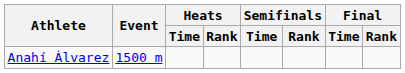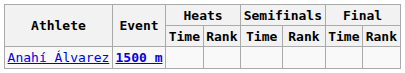 <table class="wikitable">
 <tr>
 <th rowspan="2">Athlete</th>
 <th rowspan="2">Event</th>
 <th colspan="2">Heats</th>
 <th colspan="2">Semifinals</th>
 <th colspan="2">Final</th>
 </tr>
 <tr>
 <th>Time</th>
 <th>Rank</th>
 <th>Time</th>
 <th>Rank</th>
 <th>Time</th>
 <th>Rank</th>
 </tr>
 <tr align="center">
 <td align="left"><a href='#'>Anahí Álvarez</a></td>
-<td align="left"><a href='#'>1500 m</a></td>
+<td align="left"><strong><a href='#'>1500 m</a></strong></td>
 <td></td>
 <td></td>
 <td></td>
 <td></td>
 <td></td>
 <td></td>
 </tr>
 </table>
